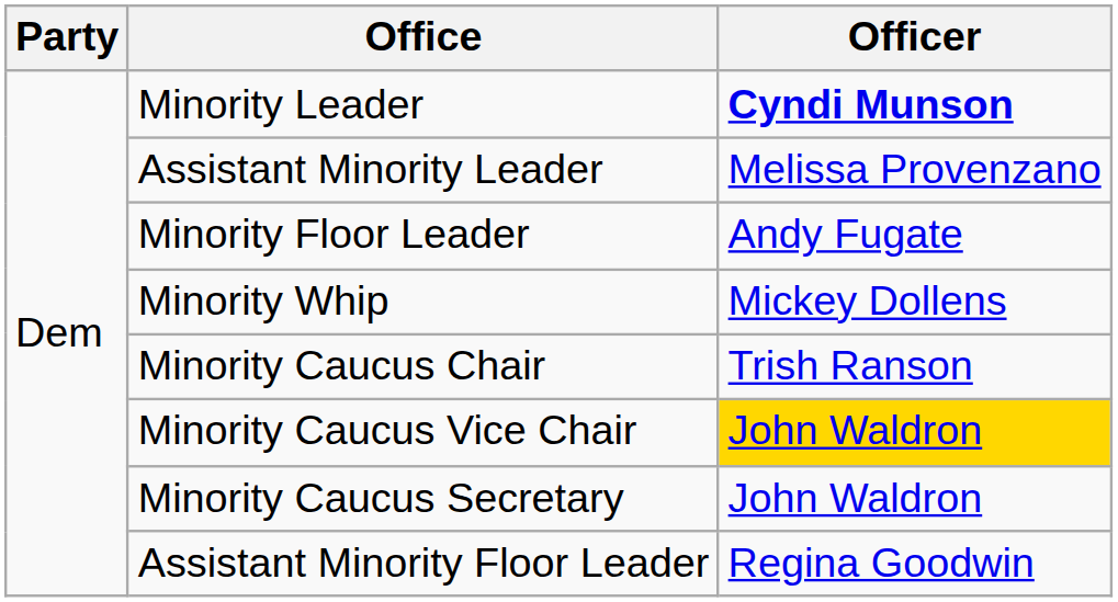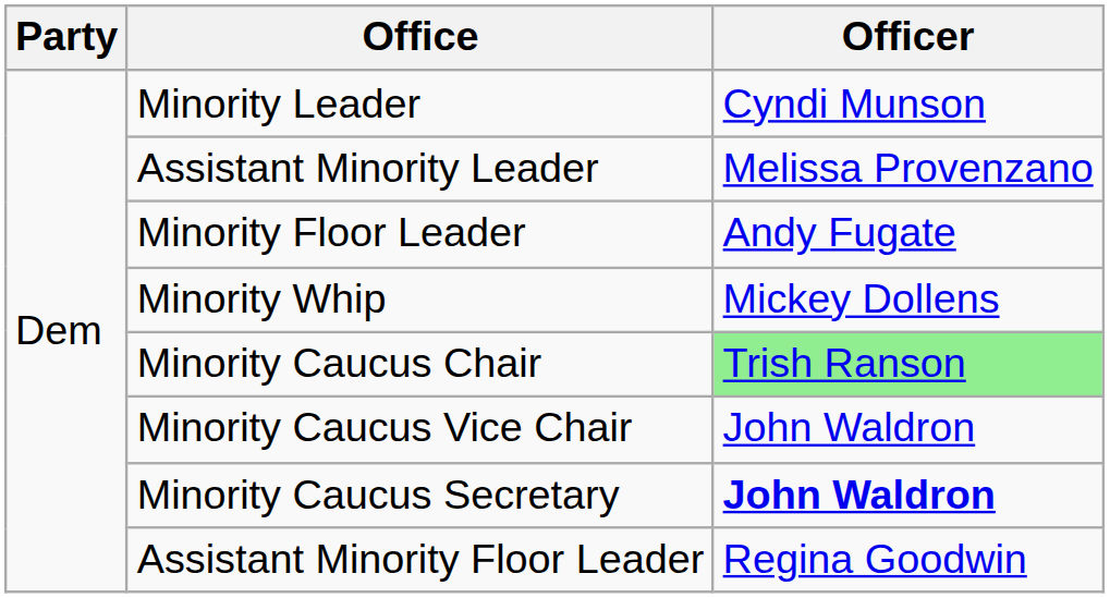 <table class=wikitable>
 <tr>
 <th>Party</th>
 <th>Office</th>
 <th>Officer</th>
 </tr>
 <tr>
 <td rowspan=9 style="background: ">Dem</td>
 <td>Minority Leader</td>
-<td><strong><a href='#'>Cyndi Munson</a></strong></td>
+<td><a href='#'>Cyndi Munson</a></td>
 </tr>
 <tr>
 <td>Assistant Minority Leader</td>
 <td><a href='#'>Melissa Provenzano</a></td>
 </tr>
 <tr>
 <td>Minority Floor Leader</td>
 <td><a href='#'>Andy Fugate</a></td>
 </tr>
 <tr>
 <td>Minority Whip</td>
 <td><a href='#'>Mickey Dollens</a></td>
 </tr>
 <tr>
 <td>Minority Caucus Chair</td>
-<td><a href='#'>Trish Ranson</a></td>
+<td style="background: lightgreen;"><a href='#'>Trish Ranson</a></td>
 </tr>
 <tr>
 <td>Minority Caucus Vice Chair</td>
-<td style="background: gold;"><a href='#'>John Waldron</a></td>
+<td><a href='#'>John Waldron</a></td>
 </tr>
 <tr>
 <td>Minority Caucus Secretary</td>
-<td><a href='#'>John Waldron</a></td>
+<td><strong><a href='#'>John Waldron</a></strong></td>
 </tr>
 <tr>
 <td>Assistant Minority Floor Leader</td>
 <td><a href='#'>Regina Goodwin</a></td>
 </tr>
 </table>
